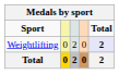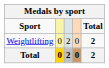 <table class="wikitable" style="font-size:85%; text-align:center;">
 <tr style="background:#efefef;">
 <th colspan=5><strong>Medals by sport</strong></th>
 </tr>
 <tr>
 <td><strong>Sport</strong></td>
 <td style="background:#f7f6a8;"></td>
 <td style="background:#dce5e5;"></td>
 <td style="background:#ffdab9;"></td>
 <td><strong>Total</strong></td>
 </tr>
 <tr>
 <td><a href='#'>Weightlifting</a></td>
 <td style="background:#F7F6A8;">0</td>
 <td style="background:#DCE5E5;">2</td>
 <td style="background:#FFDAB9;">0</td>
-<td style="background: lavender;"><strong>2</strong></td>
+<td><strong>2</strong></td>
 </tr>
 <tr>
 <th>Total</th>
 <th style="background:gold;">0</th>
 <th style="background:silver;">2</th>
 <th style="background:#c96;">0</th>
 <th>2</th>
 </tr>
 </table>
